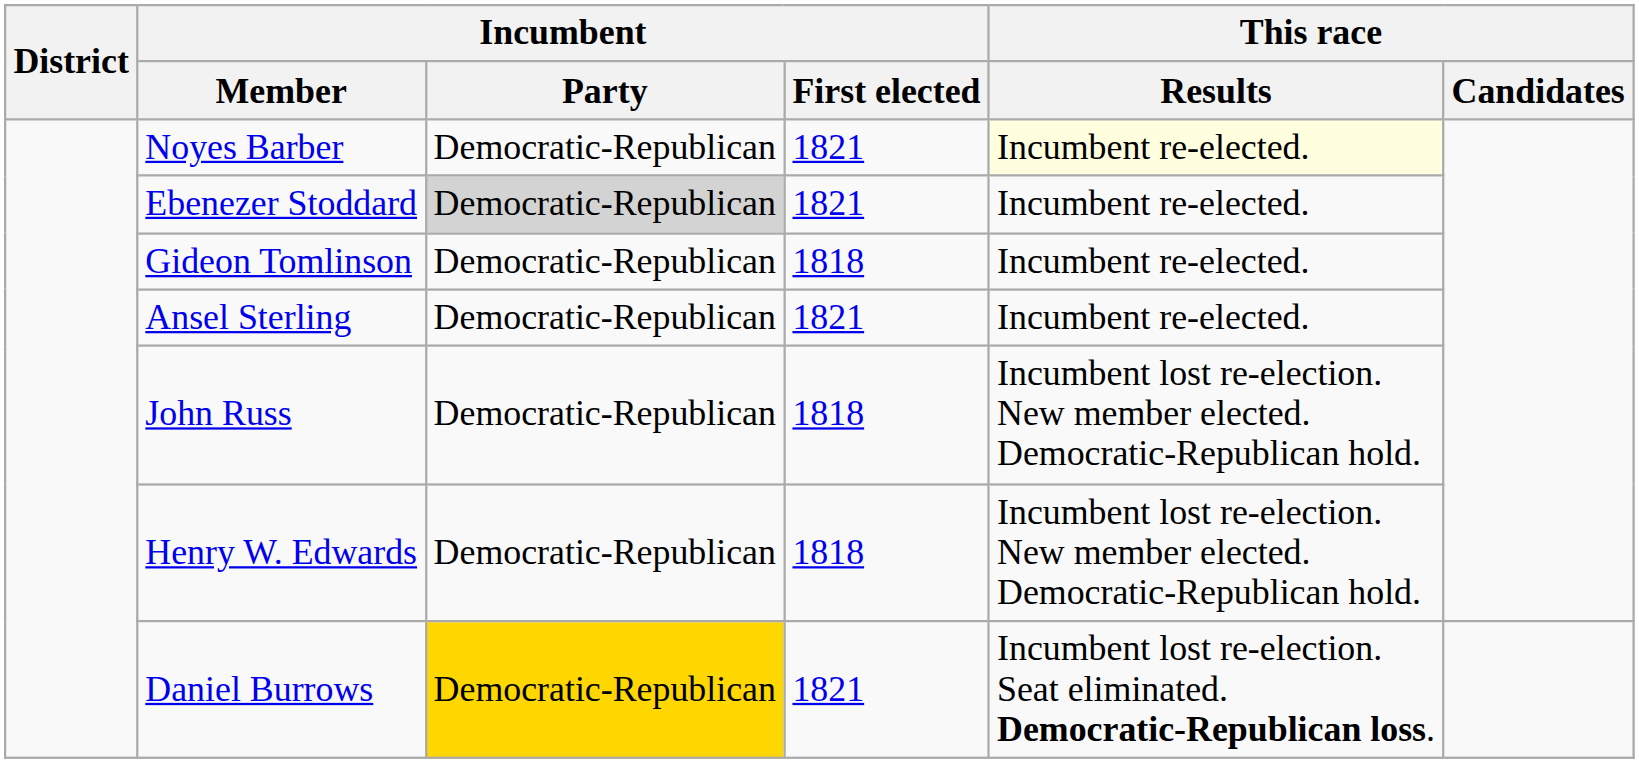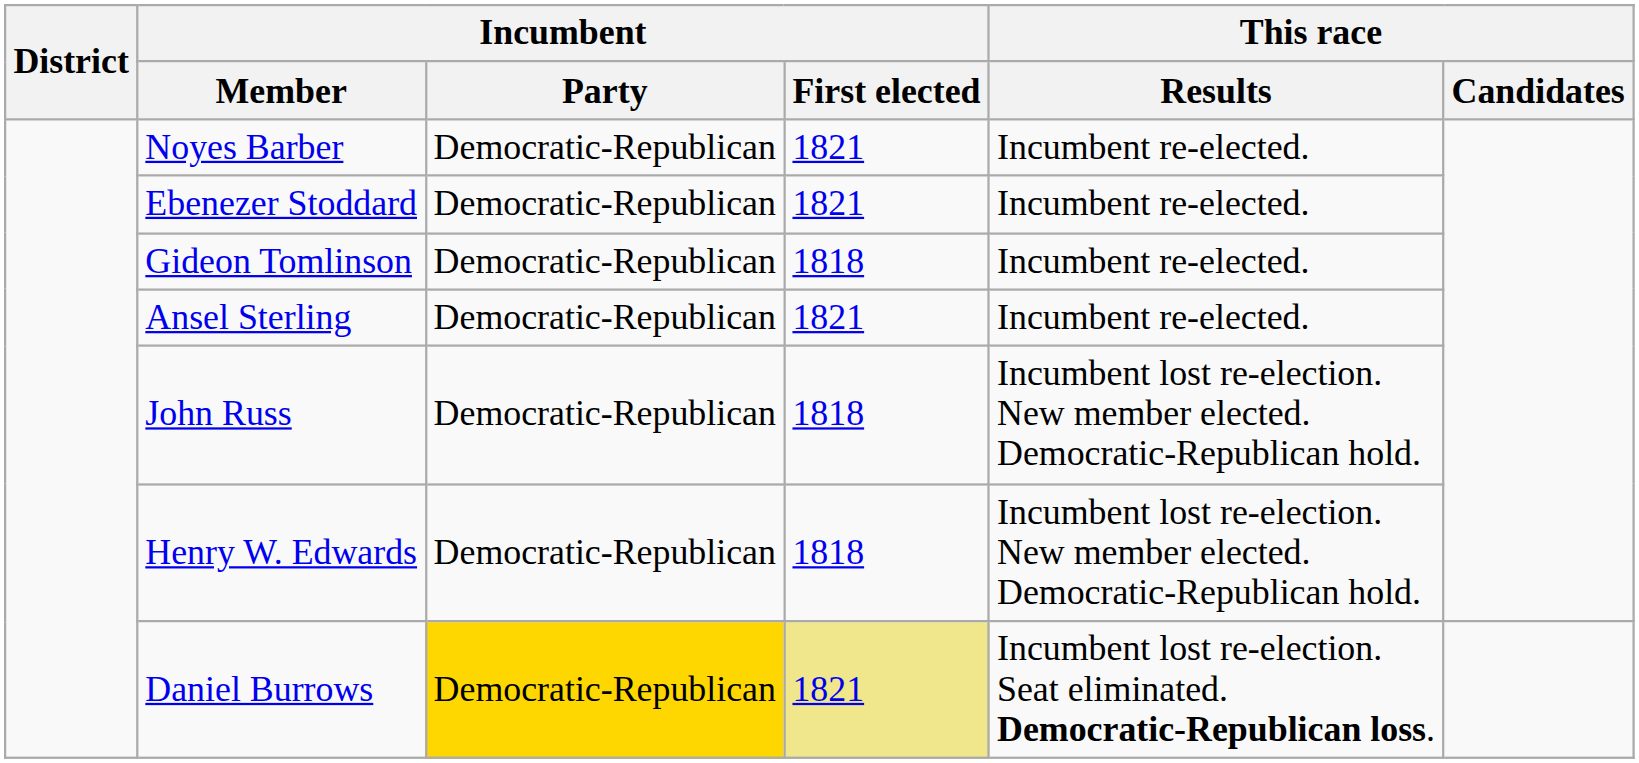 <table class=wikitable>
 <tr>
 <th rowspan=2>District</th>
 <th colspan=3>Incumbent</th>
 <th colspan=2>This race</th>
 </tr>
 <tr>
 <th>Member</th>
 <th>Party</th>
 <th>First elected</th>
 <th>Results</th>
 <th>Candidates</th>
 </tr>
 <tr>
 <td rowspan=7><br></td>
 <td><a href='#'>Noyes Barber</a></td>
 <td>Democratic-Republican</td>
 <td><a href='#'>1821</a></td>
-<td style="background: lightyellow;">Incumbent re-elected.</td>
+<td>Incumbent re-elected.</td>
 <td rowspan=6 nowrap></td>
 </tr>
 <tr>
 <td><a href='#'>Ebenezer Stoddard</a></td>
-<td style="background: lightgrey;">Democratic-Republican</td>
+<td>Democratic-Republican</td>
 <td><a href='#'>1821</a></td>
 <td>Incumbent re-elected.</td>
 </tr>
 <tr>
 <td><a href='#'>Gideon Tomlinson</a></td>
 <td>Democratic-Republican</td>
 <td><a href='#'>1818</a></td>
 <td>Incumbent re-elected.</td>
 </tr>
 <tr>
 <td><a href='#'>Ansel Sterling</a></td>
 <td>Democratic-Republican</td>
 <td><a href='#'>1821</a></td>
 <td>Incumbent re-elected.</td>
 </tr>
 <tr>
 <td><a href='#'>John Russ</a></td>
 <td>Democratic-Republican</td>
 <td><a href='#'>1818</a></td>
 <td>Incumbent lost re-election.<br>New member elected.<br>Democratic-Republican hold.</td>
 </tr>
 <tr>
 <td><a href='#'>Henry W. Edwards</a></td>
 <td>Democratic-Republican</td>
 <td><a href='#'>1818</a></td>
 <td>Incumbent lost re-election.<br>New member elected.<br>Democratic-Republican hold.</td>
 </tr>
 <tr>
 <td><a href='#'>Daniel Burrows</a></td>
 <td style="background: gold;">Democratic-Republican</td>
-<td><a href='#'>1821</a></td>
+<td style="background: khaki;"><a href='#'>1821</a></td>
 <td>Incumbent lost re-election.<br>Seat eliminated.<br><strong>Democratic-Republican loss</strong>.</td>
 </tr>
 </table>
